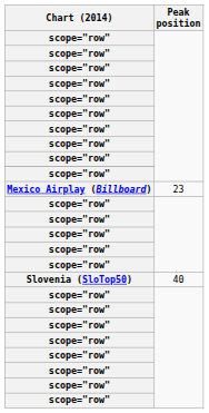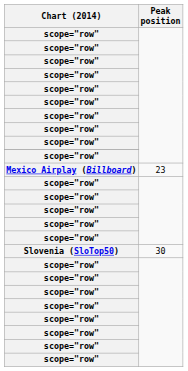 <table class="wikitable plainrowheaders sortable" style="text-align:center;">
 <tr>
 <th scope="col">Chart (2014)</th>
 <th scope="col">Peak<br>position</th>
 </tr>
 <tr>
 <th>scope="row" </th>
 </tr>
 <tr>
 <th>scope="row" </th>
 </tr>
 <tr>
 <th>scope="row" </th>
 </tr>
 <tr>
 <th>scope="row" </th>
 </tr>
 <tr>
 <th>scope="row" </th>
 </tr>
 <tr>
 <th>scope="row" </th>
 </tr>
 <tr>
 <th>scope="row" </th>
 </tr>
 <tr>
 <th>scope="row" </th>
 </tr>
 <tr>
 <th>scope="row" </th>
 </tr>
 <tr>
 </tr>
 <tr>
 <th>scope="row" </th>
 </tr>
 <tr>
 <th scope="row"><a href='#'>Mexico Airplay</a> (<em><a href='#'>Billboard</a></em>)</th>
 <td>23</td>
 </tr>
 <tr>
 <th>scope="row" </th>
 </tr>
 <tr>
 <th>scope="row" </th>
 </tr>
 <tr>
 <th>scope="row" </th>
 </tr>
 <tr>
 <th>scope="row" </th>
 </tr>
 <tr>
 <th>scope="row" </th>
 </tr>
 <tr>
 <th scope="row">Slovenia (<a href='#'>SloTop50</a>)</th>
-<td align=center>40</td>
+<td align=center>30</td>
 </tr>
 <tr>
 <th>scope="row" </th>
 </tr>
 <tr>
 <th>scope="row" </th>
 </tr>
 <tr>
 <th>scope="row" </th>
 </tr>
 <tr>
 <th>scope="row" </th>
 </tr>
 <tr>
 <th>scope="row" </th>
 </tr>
 <tr>
 <th>scope="row" </th>
 </tr>
 <tr>
 <th>scope="row" </th>
 </tr>
 <tr>
 <th>scope="row" </th>
 </tr>
 </table>
